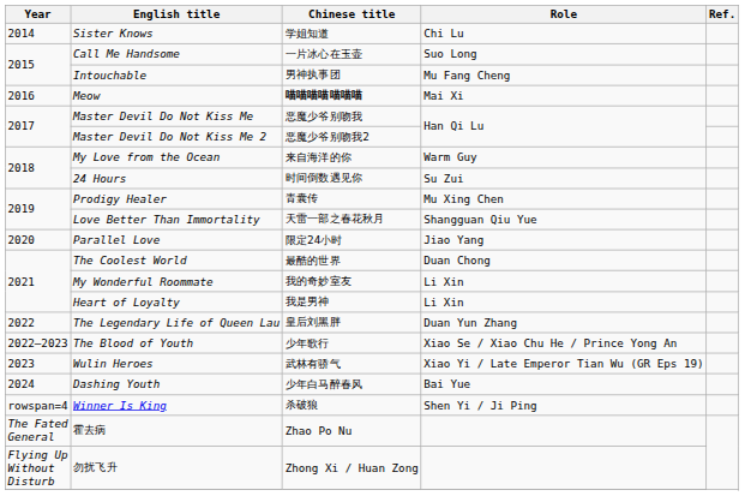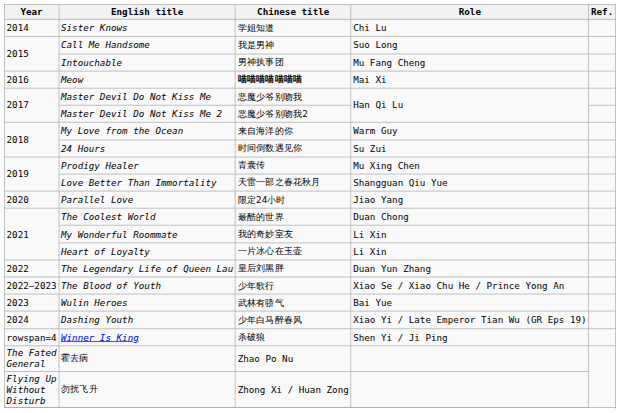 <table class="wikitable">
 <tr>
 <th width=10>Year</th>
 <th>English title</th>
 <th>Chinese title</th>
 <th>Role</th>
 <th>Ref.</th>
 </tr>
 <tr>
 <td>2014</td>
 <td><em>Sister Knows</em></td>
 <td>学姐知道</td>
 <td>Chi Lu</td>
 <td></td>
 </tr>
 <tr>
 <td rowspan=2>2015</td>
 <td><em>Call Me Handsome </em></td>
-<td>一片冰心在玉壶</td>
+<td>我是男神</td>
 <td>Suo Long</td>
 <td></td>
 </tr>
 <tr>
 <td><em>Intouchable </em></td>
 <td>男神执事团</td>
 <td>Mu Fang Cheng</td>
 <td></td>
 </tr>
 <tr>
 <td>2016</td>
 <td><em>Meow</em></td>
 <td><strong>喵喵喵喵喵喵喵</strong></td>
 <td>Mai Xi</td>
 <td></td>
 </tr>
 <tr>
 <td rowspan=2>2017</td>
 <td><em>Master Devil Do Not Kiss Me </em></td>
 <td>恶魔少爷别吻我</td>
 <td rowspan=2>Han Qi Lu</td>
 <td></td>
 </tr>
 <tr>
 <td><em>Master Devil Do Not Kiss Me 2</em></td>
 <td>恶魔少爷别吻我2</td>
 <td></td>
 </tr>
 <tr>
 <td rowspan=2>2018</td>
 <td><em>My Love from the Ocean</em></td>
 <td>来自海洋的你</td>
 <td>Warm Guy</td>
 <td></td>
 </tr>
 <tr>
 <td><em>24 Hours</em></td>
 <td>时间倒数遇见你</td>
 <td>Su Zui</td>
 <td></td>
 </tr>
 <tr>
 <td rowspan=2>2019</td>
 <td><em>Prodigy Healer</em></td>
 <td>青囊传</td>
 <td>Mu Xing Chen</td>
 <td></td>
 </tr>
 <tr>
 <td><em>Love Better Than Immortality</em></td>
 <td>天雷一部之春花秋月</td>
 <td>Shangguan Qiu Yue</td>
 <td></td>
 </tr>
 <tr>
 <td>2020</td>
 <td><em>Parallel Love</em></td>
 <td>限定24小时</td>
 <td>Jiao Yang</td>
 <td></td>
 </tr>
 <tr>
 <td rowspan=3>2021</td>
 <td><em>The Coolest World</em></td>
 <td>最酷的世界</td>
 <td>Duan Chong</td>
 <td></td>
 </tr>
 <tr>
 <td><em>My Wonderful Roommate</em></td>
 <td>我的奇妙室友</td>
 <td>Li Xin</td>
 <td></td>
 </tr>
 <tr>
 <td><em>Heart of Loyalty</em></td>
-<td>我是男神</td>
+<td>一片冰心在玉壶</td>
 <td>Li Xin</td>
 <td></td>
 </tr>
 <tr>
 <td>2022</td>
 <td><em>The Legendary Life of Queen Lau</em></td>
 <td>皇后刘黑胖</td>
 <td>Duan Yun Zhang</td>
 <td></td>
 </tr>
 <tr>
 <td>2022–2023</td>
 <td><em>The Blood of Youth</em></td>
 <td>少年歌行</td>
 <td>Xiao Se / Xiao Chu He / Prince Yong An</td>
 <td></td>
 </tr>
 <tr>
 <td>2023</td>
 <td><em>Wulin Heroes</em></td>
 <td>武林有骄气</td>
-<td>Xiao Yi / Late Emperor Tian Wu (GR Eps 19)</td>
+<td>Bai Yue</td>
 <td></td>
 </tr>
 <tr>
 <td>2024</td>
 <td><em>Dashing Youth</em></td>
 <td>少年白马醉春风</td>
-<td>Bai Yue</td>
+<td>Xiao Yi / Late Emperor Tian Wu (GR Eps 19)</td>
 <td></td>
 </tr>
 <tr>
 <td>rowspan=4 </td>
 <td><em><a href='#'>Winner Is King</a></em></td>
 <td>杀破狼</td>
 <td>Shen Yi / Ji Ping</td>
 <td></td>
 </tr>
 <tr>
 <td><em>The Fated General</em></td>
 <td>霍去病</td>
 <td>Zhao Po Nu</td>
 <td></td>
 </tr>
 <tr>
 <td><em>Flying Up Without Disturb</em></td>
 <td>勿扰飞升</td>
 <td>Zhong Xi / Huan Zong</td>
 <td></td>
 </tr>
 <tr>
 </tr>
 </table>
